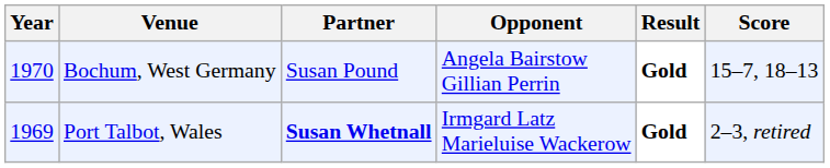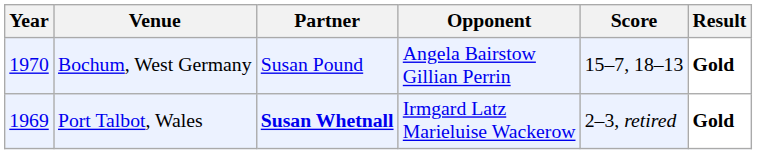 <table class="sortable wikitable" style="font-size: 90%;">
 <tr>
 <th>Year</th>
 <th>Venue</th>
 <th>Partner</th>
 <th>Opponent</th>
+<th>Score</th>
 <th>Result</th>
-<th>Score</th>
 </tr>
 <tr style="background:#ECF2FF">
 <td align="center"><a href='#'>1970</a></td>
 <td align="left"><a href='#'>Bochum</a>, West Germany</td>
 <td align="left"> <a href='#'>Susan Pound</a></td>
 <td align="left"> <a href='#'>Angela Bairstow</a><br> <a href='#'>Gillian Perrin</a></td>
+<td align="left">15–7, 18–13</td>
 <td style="text-align:left; background:white"> <strong>Gold</strong></td>
-<td align="left">15–7, 18–13</td>
 </tr>
 <tr style="background:#ECF2FF">
 <td align="center"><a href='#'>1969</a></td>
 <td align="left"><a href='#'>Port Talbot</a>, Wales</td>
 <td align="left"><strong> <a href='#'>Susan Whetnall</a></strong></td>
 <td align="left"> <a href='#'>Irmgard Latz</a><br> <a href='#'>Marieluise Wackerow</a></td>
+<td align="left">2–3, <em>retired</em></td>
 <td style="text-align:left; background:white"> <strong>Gold</strong></td>
-<td align="left">2–3, <em>retired</em></td>
 </tr>
 </table>
